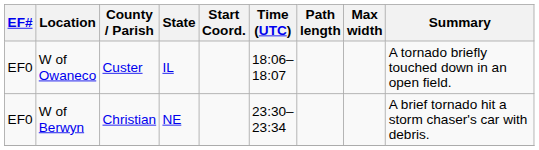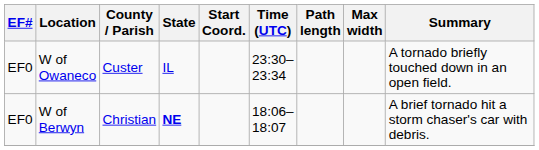 <table class="wikitable sortable" style="width:100%;">
 <tr>
 <th scope="col"  style="width:3%; text-align:center;"><a href='#'>EF#</a></th>
 <th scope="col"  style="width:7%; text-align:center;" class="unsortable">Location</th>
 <th scope="col"  style="width:6%; text-align:center;" class="unsortable">County / Parish</th>
 <th scope="col"  style="width:5%; text-align:center;">State</th>
 <th scope="col"  style="width:6%; text-align:center;">Start Coord.</th>
 <th scope="col"  style="width:6%; text-align:center;">Time (<a href='#'>UTC</a>)</th>
 <th scope="col"  style="width:6%; text-align:center;">Path length</th>
 <th scope="col"  style="width:6%; text-align:center;">Max width</th>
 <th scope="col" class="unsortable" style="width:48%; text-align:center;">Summary</th>
 </tr>
 <tr>
 <td>EF0</td>
 <td>W of <a href='#'>Owaneco</a></td>
 <td><a href='#'>Custer</a></td>
 <td><a href='#'>IL</a></td>
 <td></td>
-<td>18:06–18:07</td>
+<td>23:30–23:34</td>
 <td></td>
 <td></td>
 <td>A tornado briefly touched down in an open field.</td>
 </tr>
 <tr>
 <td>EF0</td>
 <td>W of <a href='#'>Berwyn</a></td>
 <td><a href='#'>Christian</a></td>
-<td><a href='#'>NE</a></td>
+<td><strong><a href='#'>NE</a></strong></td>
 <td></td>
-<td>23:30–23:34</td>
+<td>18:06–18:07</td>
 <td></td>
 <td></td>
 <td>A brief tornado hit a storm chaser's car with debris.</td>
 </tr>
 <tr>
 </tr>
 </table>
